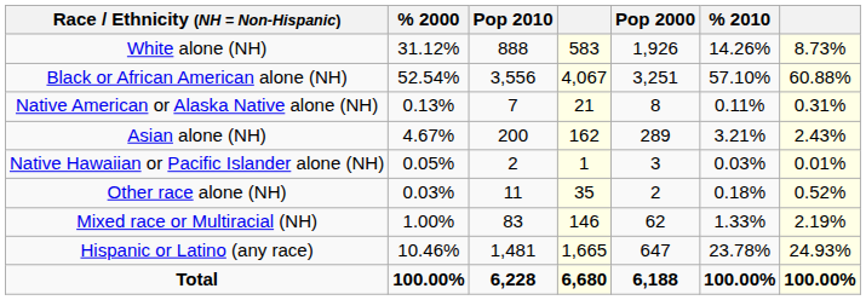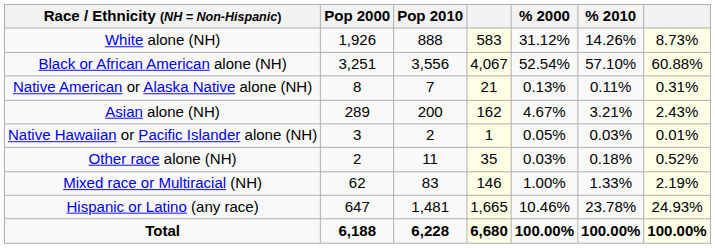 <table class="wikitable" style="text-align:center;">
 <tr>
 <th>Race / Ethnicity <small>(<em>NH = Non-Hispanic</em>)</small></th>
-<th>% 2000</th>
+<th>Pop 2000</th>
 <th>Pop 2010</th>
 <th></th>
-<th>Pop 2000</th>
+<th>% 2000</th>
 <th>% 2010</th>
 <th></th>
 </tr>
 <tr>
 <td><a href='#'>White</a> alone (NH)</td>
-<td>31.12%</td>
+<td>1,926</td>
 <td>888</td>
 <td style='background: #ffffe6;'>583</td>
-<td>1,926</td>
+<td>31.12%</td>
 <td>14.26%</td>
 <td style='background: #ffffe6;'>8.73%</td>
 </tr>
 <tr>
 <td><a href='#'>Black or African American</a> alone (NH)</td>
-<td>52.54%</td>
+<td>3,251</td>
 <td>3,556</td>
 <td style='background: #ffffe6;'>4,067</td>
-<td>3,251</td>
+<td>52.54%</td>
 <td>57.10%</td>
 <td style='background: #ffffe6;'>60.88%</td>
 </tr>
 <tr>
 <td><a href='#'>Native American</a> or <a href='#'>Alaska Native</a> alone (NH)</td>
-<td>0.13%</td>
+<td>8</td>
 <td>7</td>
 <td style='background: #ffffe6;'>21</td>
-<td>8</td>
+<td>0.13%</td>
 <td>0.11%</td>
 <td style='background: #ffffe6;'>0.31%</td>
 </tr>
 <tr>
 <td><a href='#'>Asian</a> alone (NH)</td>
-<td>4.67%</td>
+<td>289</td>
 <td>200</td>
 <td style='background: #ffffe6;'>162</td>
-<td>289</td>
+<td>4.67%</td>
 <td>3.21%</td>
 <td style='background: #ffffe6;'>2.43%</td>
 </tr>
 <tr>
 <td><a href='#'>Native Hawaiian</a> or <a href='#'>Pacific Islander</a> alone (NH)</td>
-<td>0.05%</td>
+<td>3</td>
 <td>2</td>
 <td style='background: #ffffe6;'>1</td>
-<td>3</td>
+<td>0.05%</td>
 <td>0.03%</td>
 <td style='background: #ffffe6;'>0.01%</td>
 </tr>
 <tr>
 <td><a href='#'>Other race</a> alone (NH)</td>
-<td>0.03%</td>
+<td>2</td>
 <td>11</td>
 <td style='background: #ffffe6;'>35</td>
-<td>2</td>
+<td>0.03%</td>
 <td>0.18%</td>
 <td style='background: #ffffe6;'>0.52%</td>
 </tr>
 <tr>
 <td><a href='#'>Mixed race or Multiracial</a> (NH)</td>
-<td>1.00%</td>
+<td>62</td>
 <td>83</td>
 <td style='background: #ffffe6;'>146</td>
-<td>62</td>
+<td>1.00%</td>
 <td>1.33%</td>
 <td style='background: #ffffe6;'>2.19%</td>
 </tr>
 <tr>
 <td><a href='#'>Hispanic or Latino</a> (any race)</td>
-<td>10.46%</td>
+<td>647</td>
 <td>1,481</td>
 <td style='background: #ffffe6;'>1,665</td>
-<td>647</td>
+<td>10.46%</td>
 <td>23.78%</td>
 <td style='background: #ffffe6;'>24.93%</td>
 </tr>
 <tr>
 <td><strong>Total</strong></td>
-<td><strong>100.00%</strong></td>
+<td><strong>6,188</strong></td>
 <td><strong>6,228</strong></td>
 <td style='background: #ffffe6;'><strong>6,680</strong></td>
-<td><strong>6,188</strong></td>
+<td><strong>100.00%</strong></td>
 <td><strong>100.00%</strong></td>
 <td style='background: #ffffe6;'><strong>100.00%</strong></td>
 </tr>
 </table>
